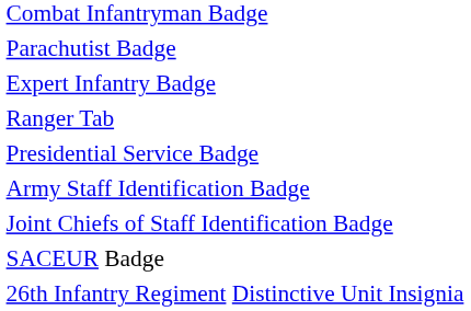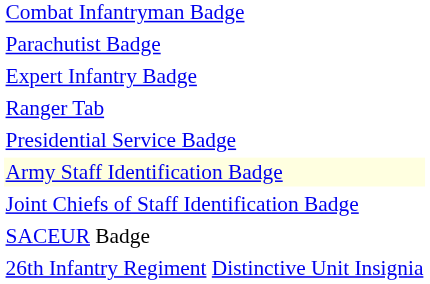 <table style="font-size:88%;">
 <tr>
 <td> <a href='#'>Combat Infantryman Badge</a></td>
 </tr>
 <tr>
 <td> <a href='#'>Parachutist Badge</a></td>
 </tr>
 <tr>
 <td> <a href='#'>Expert Infantry Badge</a></td>
 </tr>
 <tr>
 <td> <a href='#'>Ranger Tab</a></td>
 </tr>
 <tr>
 <td> <a href='#'>Presidential Service Badge</a></td>
 </tr>
 <tr>
-<td> <a href='#'>Army Staff Identification Badge</a></td>
+<td style="background: lightyellow;"> <a href='#'>Army Staff Identification Badge</a></td>
 </tr>
 <tr>
 <td> <a href='#'>Joint Chiefs of Staff Identification Badge</a></td>
 </tr>
 <tr>
 <td> <a href='#'>SACEUR</a> Badge</td>
 </tr>
 <tr>
 <td> <a href='#'>26th Infantry Regiment</a> <a href='#'>Distinctive Unit Insignia</a></td>
 </tr>
 </table>
